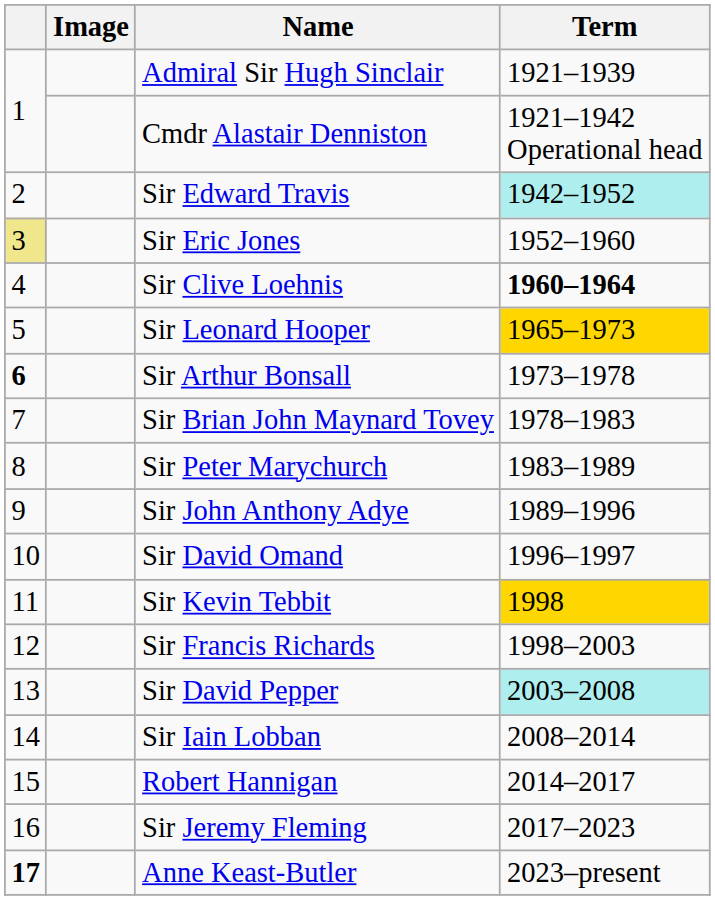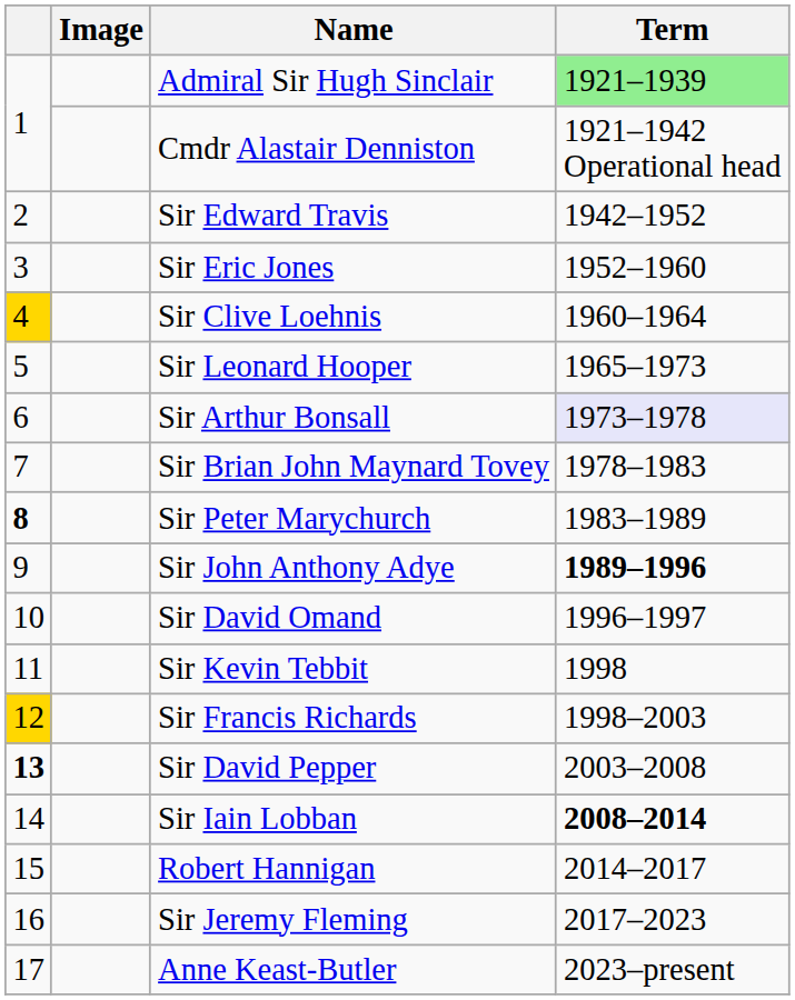 <table class="wikitable" border="1" style="text-align:left">
 <tr>
 <th></th>
 <th>Image</th>
 <th>Name</th>
 <th>Term</th>
 </tr>
 <tr>
 <td rowspan="2">1</td>
 <td></td>
 <td><a href='#'>Admiral</a> Sir <a href='#'>Hugh Sinclair</a></td>
-<td>1921–1939</td>
+<td style="background: lightgreen;">1921–1939</td>
 </tr>
 <tr>
 <td></td>
 <td>Cmdr <a href='#'>Alastair Denniston</a></td>
 <td>1921–1942<br>Operational head</td>
 </tr>
 <tr>
 <td>2</td>
 <td></td>
 <td>Sir <a href='#'>Edward Travis</a></td>
-<td style="background: paleturquoise;">1942–1952</td>
+<td>1942–1952</td>
 </tr>
 <tr>
-<td style="background: khaki;">3</td>
+<td>3</td>
 <td></td>
 <td>Sir <a href='#'>Eric Jones</a></td>
 <td>1952–1960</td>
 </tr>
 <tr>
-<td>4</td>
+<td style="background: gold;">4</td>
 <td></td>
 <td>Sir <a href='#'>Clive Loehnis</a></td>
-<td><strong>1960–1964</strong></td>
+<td>1960–1964</td>
 </tr>
 <tr>
 <td>5</td>
 <td></td>
 <td>Sir <a href='#'>Leonard Hooper</a></td>
-<td style="background: gold;">1965–1973</td>
+<td>1965–1973</td>
 </tr>
 <tr>
-<td><strong>6</strong></td>
+<td>6</td>
 <td></td>
 <td>Sir <a href='#'>Arthur Bonsall</a></td>
-<td>1973–1978</td>
+<td style="background: lavender;">1973–1978</td>
 </tr>
 <tr>
 <td>7</td>
 <td></td>
 <td>Sir <a href='#'>Brian John Maynard Tovey</a></td>
 <td>1978–1983</td>
 </tr>
 <tr>
-<td>8</td>
+<td><strong>8</strong></td>
 <td></td>
 <td>Sir <a href='#'>Peter Marychurch</a></td>
 <td>1983–1989</td>
 </tr>
 <tr>
 <td>9</td>
 <td></td>
 <td>Sir <a href='#'>John Anthony Adye</a></td>
-<td>1989–1996</td>
+<td><strong>1989–1996</strong></td>
 </tr>
 <tr>
 <td>10</td>
 <td></td>
 <td>Sir <a href='#'>David Omand</a></td>
 <td>1996–1997</td>
 </tr>
 <tr>
 <td>11</td>
 <td></td>
 <td>Sir <a href='#'>Kevin Tebbit</a></td>
-<td style="background: gold;">1998</td>
+<td>1998</td>
 </tr>
 <tr>
-<td>12</td>
+<td style="background: gold;">12</td>
 <td></td>
 <td>Sir <a href='#'>Francis Richards</a></td>
 <td>1998–2003</td>
 </tr>
 <tr>
-<td>13</td>
+<td><strong>13</strong></td>
 <td></td>
 <td>Sir <a href='#'>David Pepper</a></td>
-<td style="background: paleturquoise;">2003–2008</td>
+<td>2003–2008</td>
 </tr>
 <tr>
 <td>14</td>
 <td></td>
 <td>Sir <a href='#'>Iain Lobban</a></td>
-<td>2008–2014</td>
+<td><strong>2008–2014</strong></td>
 </tr>
 <tr>
 <td>15</td>
 <td></td>
 <td><a href='#'>Robert Hannigan</a></td>
 <td>2014–2017</td>
 </tr>
 <tr>
 <td>16</td>
 <td></td>
 <td>Sir <a href='#'>Jeremy Fleming</a></td>
 <td>2017–2023</td>
 </tr>
 <tr>
-<td><strong>17</strong></td>
+<td>17</td>
 <td></td>
 <td><a href='#'>Anne Keast-Butler</a></td>
 <td>2023–present</td>
 </tr>
 </table>
